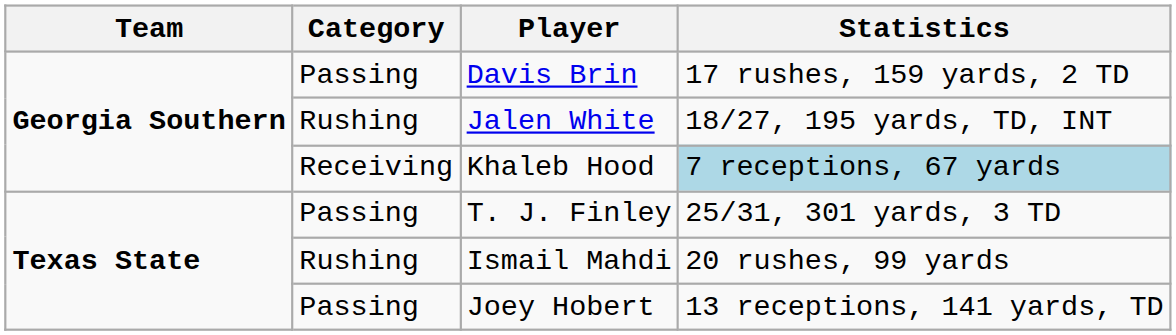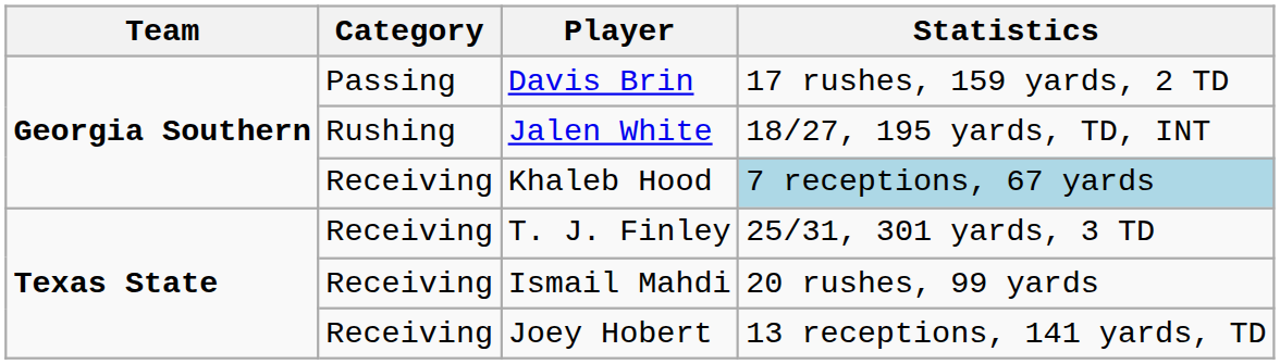 <table class="wikitable" style="float: right;">
 <tr>
 <th>Team</th>
 <th>Category</th>
 <th>Player</th>
 <th>Statistics</th>
 </tr>
 <tr>
 <td rowspan=3><strong>Georgia Southern</strong></td>
 <td>Passing</td>
 <td><a href='#'>Davis Brin</a></td>
 <td>17 rushes, 159 yards, 2 TD</td>
 </tr>
 <tr>
 <td>Rushing</td>
 <td><a href='#'>Jalen White</a></td>
 <td>18/27, 195 yards, TD, INT</td>
 </tr>
 <tr>
 <td>Receiving</td>
 <td>Khaleb Hood</td>
 <td style="background: lightblue;">7 receptions, 67 yards</td>
 </tr>
 <tr>
 <td rowspan=3><strong>Texas State</strong></td>
-<td>Passing</td>
+<td>Receiving</td>
 <td>T. J. Finley</td>
 <td>25/31, 301 yards, 3 TD</td>
 </tr>
 <tr>
-<td>Rushing</td>
+<td>Receiving</td>
 <td>Ismail Mahdi</td>
 <td>20 rushes, 99 yards</td>
 </tr>
 <tr>
-<td>Passing</td>
+<td>Receiving</td>
 <td>Joey Hobert</td>
 <td>13 receptions, 141 yards, TD</td>
 </tr>
 </table>
